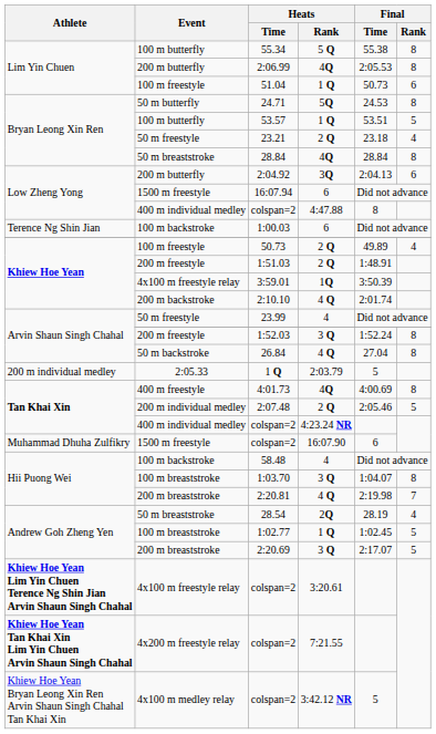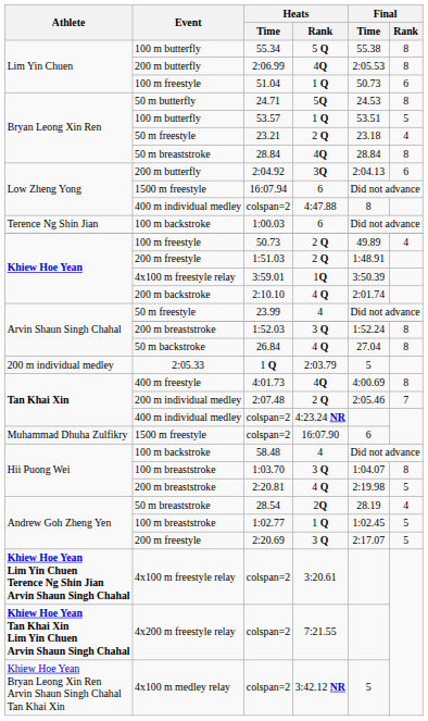 <table class="wikitable" style="font-size:90%">
 <tr>
 <th rowspan="2">Athlete</th>
 <th rowspan="2">Event</th>
 <th colspan="2">Heats</th>
 <th colspan="2">Final</th>
 </tr>
 <tr>
 <th>Time</th>
 <th>Rank</th>
 <th>Time</th>
 <th>Rank</th>
 </tr>
 <tr align="center">
 <td align="left" rowspan=3>Lim Yin Chuen</td>
 <td align="left">100 m butterfly</td>
 <td>55.34</td>
 <td>5 <strong>Q</strong></td>
 <td>55.38</td>
 <td>8</td>
 </tr>
 <tr align="center">
 <td align="left">200 m butterfly</td>
 <td>2:06.99</td>
 <td>4<strong>Q</strong></td>
 <td>2:05.53</td>
 <td>8</td>
 </tr>
 <tr align="center">
 <td align="left">100 m freestyle</td>
 <td>51.04</td>
 <td>1 <strong>Q</strong></td>
 <td>50.73</td>
 <td>6</td>
 </tr>
 <tr align="center">
 <td align="left" rowspan=4>Bryan Leong Xin Ren</td>
 <td align="left">50 m butterfly</td>
 <td>24.71</td>
 <td>5<strong>Q</strong></td>
 <td>24.53</td>
 <td>8</td>
 </tr>
 <tr align="center">
 <td align="left">100 m butterfly</td>
 <td>53.57</td>
 <td>1 <strong>Q</strong></td>
 <td>53.51</td>
 <td>5</td>
 </tr>
 <tr align="center">
 <td align="left">50 m freestyle</td>
 <td>23.21</td>
 <td>2 <strong>Q</strong></td>
 <td>23.18</td>
 <td>4</td>
 </tr>
 <tr align="center">
 <td align="left">50 m breaststroke</td>
 <td>28.84</td>
 <td>4<strong>Q</strong></td>
 <td>28.84</td>
 <td>8</td>
 </tr>
 <tr align="center">
 <td align="left" rowspan=3>Low Zheng Yong</td>
 <td align=left>200 m butterfly</td>
 <td>2:04.92</td>
 <td>3<strong>Q</strong></td>
 <td>2:04.13</td>
 <td>6</td>
 </tr>
 <tr align="center">
 <td align="left">1500 m freestyle</td>
 <td>16:07.94</td>
 <td>6</td>
 <td colspan="2">Did not advance</td>
 </tr>
 <tr align="center">
 <td align="left">400 m individual medley</td>
 <td>colspan=2 </td>
 <td>4:47.88</td>
 <td>8</td>
 </tr>
 <tr align="center">
 <td align="left" rowspan=1>Terence Ng Shin Jian</td>
 <td align="left">100 m backstroke</td>
 <td>1:00.03</td>
 <td>6</td>
 <td colspan="4">Did not advance</td>
 </tr>
 <tr align=center>
 </tr>
 <tr align="center">
 <td align="left" rowspan=4><strong><a href='#'>Khiew Hoe Yean</a></strong></td>
 <td align="left">100 m freestyle</td>
 <td>50.73</td>
 <td>2 <strong>Q</strong></td>
 <td>49.89</td>
 <td>4</td>
 </tr>
 <tr align="center">
 <td align="left">200 m freestyle</td>
 <td>1:51.03</td>
 <td>2 <strong>Q</strong></td>
 <td>1:48.91</td>
 <td></td>
 </tr>
 <tr align="center">
 <td align="left">4x100 m freestyle relay</td>
 <td>3:59.01</td>
 <td>1<strong>Q</strong></td>
 <td>3:50.39</td>
 <td></td>
 </tr>
 <tr align="center">
 <td align="left">200 m backstroke</td>
 <td>2:10.10</td>
 <td>4 <strong>Q</strong></td>
 <td>2:01.74</td>
 <td></td>
 </tr>
 <tr align="center">
 <td align="left" rowspan=4>Arvin Shaun Singh Chahal</td>
 <td align=left>50 m freestyle</td>
 <td>23.99</td>
 <td>4</td>
 <td colspan="4">Did not advance</td>
 </tr>
 <tr align=center>
 </tr>
 <tr align="center">
-<td align=left>200 m freestyle</td>
+<td align="left">200 m breaststroke</td>
 <td>1:52.03</td>
 <td>3 <strong>Q</strong></td>
 <td>1:52.24</td>
 <td>8</td>
 </tr>
 <tr align="center">
 <td align="left">50 m backstroke</td>
 <td>26.84</td>
 <td>4 <strong>Q</strong></td>
 <td>27.04</td>
 <td>8</td>
 </tr>
 <tr align="center">
 <td align="left">200 m individual medley</td>
 <td>2:05.33</td>
 <td>1 <strong>Q</strong></td>
 <td>2:03.79</td>
 <td>5</td>
 </tr>
 <tr align="center">
 <td align="left" rowspan=3><strong>Tan Khai Xin</strong></td>
 <td align="left">400 m freestyle</td>
 <td>4:01.73</td>
 <td>4<strong>Q</strong></td>
 <td>4:00.69</td>
 <td>8</td>
 </tr>
 <tr align="center">
 <td align="left">200 m individual medley</td>
 <td>2:07.48</td>
 <td>2 <strong>Q</strong></td>
 <td>2:05.46</td>
-<td>5</td>
+<td>7</td>
 </tr>
 <tr align="center">
 <td align="left">400 m individual medley</td>
 <td>colspan=2 </td>
 <td>4:23.24 <strong><a href='#'>NR</a></strong></td>
 <td></td>
 </tr>
 <tr align="center">
 <td align="left">Muhammad Dhuha Zulfikry</td>
 <td align=left>1500 m freestyle</td>
 <td>colspan=2 </td>
 <td>16:07.90</td>
 <td>6</td>
 </tr>
 <tr align="center">
 <td align="left" rowspan=3>Hii Puong Wei</td>
 <td align="left">100 m backstroke</td>
 <td>58.48</td>
 <td>4</td>
 <td colspan="4">Did not advance</td>
 </tr>
 <tr align="center">
 <td align="left">100 m breaststroke</td>
 <td>1:03.70</td>
 <td>3 <strong>Q</strong></td>
 <td>1:04.07</td>
 <td>8</td>
 </tr>
 <tr align="center">
 <td align="left">200 m breaststroke</td>
 <td>2:20.81</td>
 <td>4 <strong>Q</strong></td>
 <td>2:19.98</td>
-<td>7</td>
+<td>5</td>
 </tr>
 <tr align="center">
 <td align="left" rowspan=3>Andrew Goh Zheng Yen</td>
 <td align="left">50 m breaststroke</td>
 <td>28.54</td>
 <td>2<strong>Q</strong></td>
 <td>28.19</td>
 <td>4</td>
 </tr>
 <tr align="center">
 <td align="left">100 m breaststroke</td>
 <td>1:02.77</td>
 <td>1 <strong>Q</strong></td>
 <td>1:02.45</td>
 <td>5</td>
 </tr>
 <tr align="center">
-<td align="left">200 m breaststroke</td>
+<td align=left>200 m freestyle</td>
 <td>2:20.69</td>
 <td>3 <strong>Q</strong></td>
 <td>2:17.07</td>
 <td>5</td>
 </tr>
 <tr align="center">
 <td align="left"><strong><a href='#'>Khiew Hoe Yean</a><br>Lim Yin Chuen<br>Terence Ng Shin Jian<br>Arvin Shaun Singh Chahal</strong></td>
 <td align="left">4x100 m freestyle relay</td>
 <td>colspan=2 </td>
 <td>3:20.61</td>
 <td></td>
 </tr>
 <tr align="center">
 <td align="left"><strong><a href='#'>Khiew Hoe Yean</a><br>Tan Khai Xin<br>Lim Yin Chuen<br>Arvin Shaun Singh Chahal</strong></td>
 <td align="left">4x200 m freestyle relay</td>
 <td>colspan=2 </td>
 <td>7:21.55</td>
 <td></td>
 </tr>
 <tr align="center">
 <td align="left"><a href='#'>Khiew Hoe Yean</a><br>Bryan Leong Xin Ren<br>Arvin Shaun Singh Chahal<br>Tan Khai Xin</td>
 <td align="left">4x100 m medley relay</td>
 <td>colspan=2 </td>
 <td>3:42.12 <strong><a href='#'>NR</a></strong></td>
 <td>5</td>
 </tr>
 </table>
